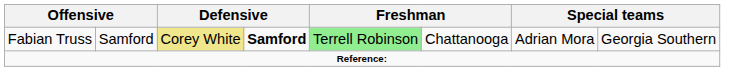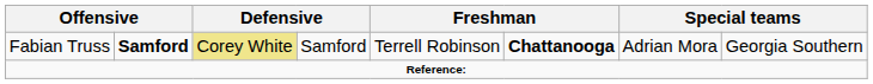 <table class="wikitable" border="1">
 <tr>
 <th colspan="2">Offensive</th>
 <th colspan="2">Defensive</th>
 <th colspan="2">Freshman</th>
 <th colspan="2">Special teams</th>
 </tr>
 <tr>
 <td>Fabian Truss</td>
+<td><strong>Samford</strong></td>
+<td style="background: khaki;">Corey White</td>
 <td>Samford</td>
-<td style="background: khaki;">Corey White</td>
-<td><strong>Samford</strong></td>
-<td style="background: lightgreen;">Terrell Robinson</td>
-<td>Chattanooga</td>
+<td>Terrell Robinson</td>
+<td><strong>Chattanooga</strong></td>
 <td>Adrian Mora</td>
 <td>Georgia Southern</td>
 </tr>
 <tr>
 <td colspan="8" style="font-size: 8pt" align="center"><strong>Reference:</strong></td>
 </tr>
 </table>
